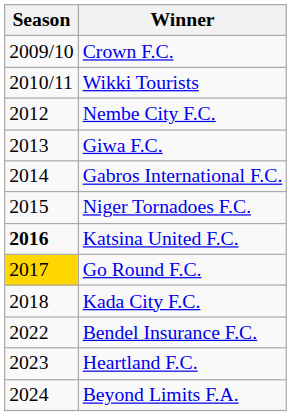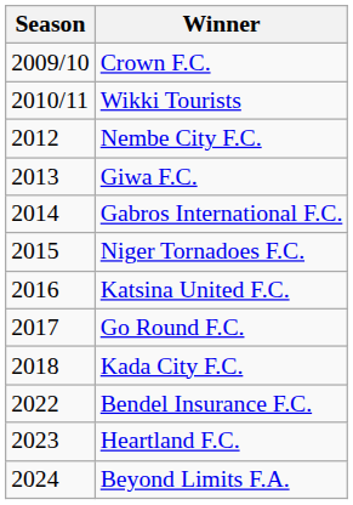 <table class="wikitable">
 <tr>
 <th>Season</th>
 <th>Winner</th>
 </tr>
 <tr>
 <td>2009/10</td>
 <td><a href='#'>Crown F.C.</a></td>
 </tr>
 <tr>
 <td>2010/11</td>
 <td><a href='#'>Wikki Tourists</a></td>
 </tr>
 <tr>
 <td>2012</td>
 <td><a href='#'>Nembe City F.C.</a></td>
 </tr>
 <tr>
 <td>2013</td>
 <td><a href='#'>Giwa F.C.</a></td>
 </tr>
 <tr>
 <td>2014</td>
 <td><a href='#'>Gabros International F.C.</a></td>
 </tr>
 <tr>
 <td>2015</td>
 <td><a href='#'>Niger Tornadoes F.C.</a></td>
 </tr>
 <tr>
-<td><strong>2016</strong></td>
+<td>2016</td>
 <td><a href='#'>Katsina United F.C.</a></td>
 </tr>
 <tr>
-<td style="background: gold;">2017</td>
+<td>2017</td>
 <td><a href='#'>Go Round F.C.</a></td>
 </tr>
 <tr>
 <td>2018</td>
 <td><a href='#'>Kada City F.C.</a></td>
 </tr>
 <tr>
 <td>2022</td>
 <td><a href='#'>Bendel Insurance F.C.</a></td>
 </tr>
 <tr>
 <td>2023</td>
 <td><a href='#'>Heartland F.C.</a></td>
 </tr>
 <tr>
 <td>2024</td>
 <td><a href='#'>Beyond Limits F.A.</a></td>
 </tr>
 </table>
